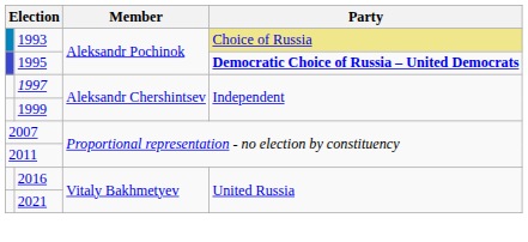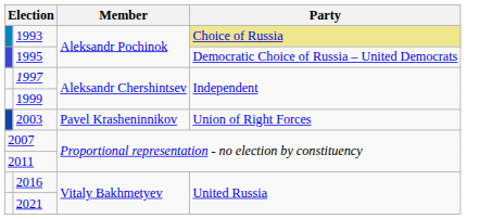 <table class="wikitable">
 <tr>
 <th colspan="2">Election</th>
 <th>Member</th>
 <th>Party</th>
 </tr>
 <tr>
 <td style="background-color:#0085BE"></td>
 <td><a href='#'>1993</a></td>
 <td rowspan=2><a href='#'>Aleksandr Pochinok</a></td>
 <td style="background: khaki;"><a href='#'>Choice of Russia</a></td>
 </tr>
 <tr>
 <td style="background-color:#3A46CE"></td>
 <td><a href='#'>1995</a></td>
-<td><strong><a href='#'>Democratic Choice of Russia – United Democrats</a></strong></td>
+<td><a href='#'>Democratic Choice of Russia – United Democrats</a></td>
 </tr>
 <tr>
 <td style="background-color:"></td>
 <td><em><a href='#'>1997</a></em></td>
 <td rowspan=2><a href='#'>Aleksandr Chershintsev</a></td>
 <td rowspan=2><a href='#'>Independent</a></td>
 </tr>
 <tr>
 <td style="background-color:"></td>
 <td><a href='#'>1999</a></td>
+</tr>
+<tr>
+<td style="background-color:#1042A5"></td>
+<td><a href='#'>2003</a></td>
+<td><a href='#'>Pavel Krasheninnikov</a></td>
+<td><a href='#'>Union of Right Forces</a></td>
 </tr>
 <tr>
 <td colspan=2><a href='#'>2007</a></td>
 <td colspan=2 rowspan=2><em><a href='#'>Proportional representation</a> - no election by constituency</em></td>
 </tr>
 <tr>
 <td colspan=2><a href='#'>2011</a></td>
 </tr>
 <tr>
 <td style="background-color: "></td>
 <td><a href='#'>2016</a></td>
 <td rowspan=2><a href='#'>Vitaly Bakhmetyev</a></td>
 <td rowspan=2><a href='#'>United Russia</a></td>
 </tr>
 <tr>
 <td style="background-color: "></td>
 <td><a href='#'>2021</a></td>
 </tr>
 </table>
